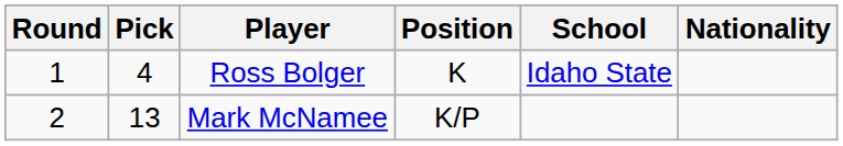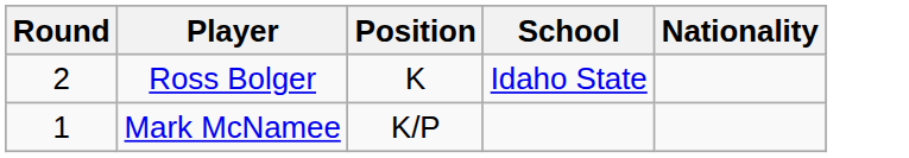 <table class="wikitable" style="font-size: 95%;">
 <tr>
 <th scope="col">Round</th>
-<th scope="col">Pick</th>
 <th scope="col">Player</th>
 <th scope="col">Position</th>
 <th scope="col">School</th>
 <th scope="col">Nationality</th>
 </tr>
 <tr align="center">
-<td align=center>1</td>
-<td>4</td>
+<td align=center>2</td>
 <td><a href='#'>Ross Bolger</a></td>
 <td>K</td>
 <td><a href='#'>Idaho State</a></td>
 <td></td>
 </tr>
 <tr align="center">
-<td align=center>2</td>
-<td>13</td>
+<td align=center>1</td>
 <td><a href='#'>Mark McNamee</a></td>
 <td>K/P</td>
 <td></td>
 <td></td>
 </tr>
 </table>
